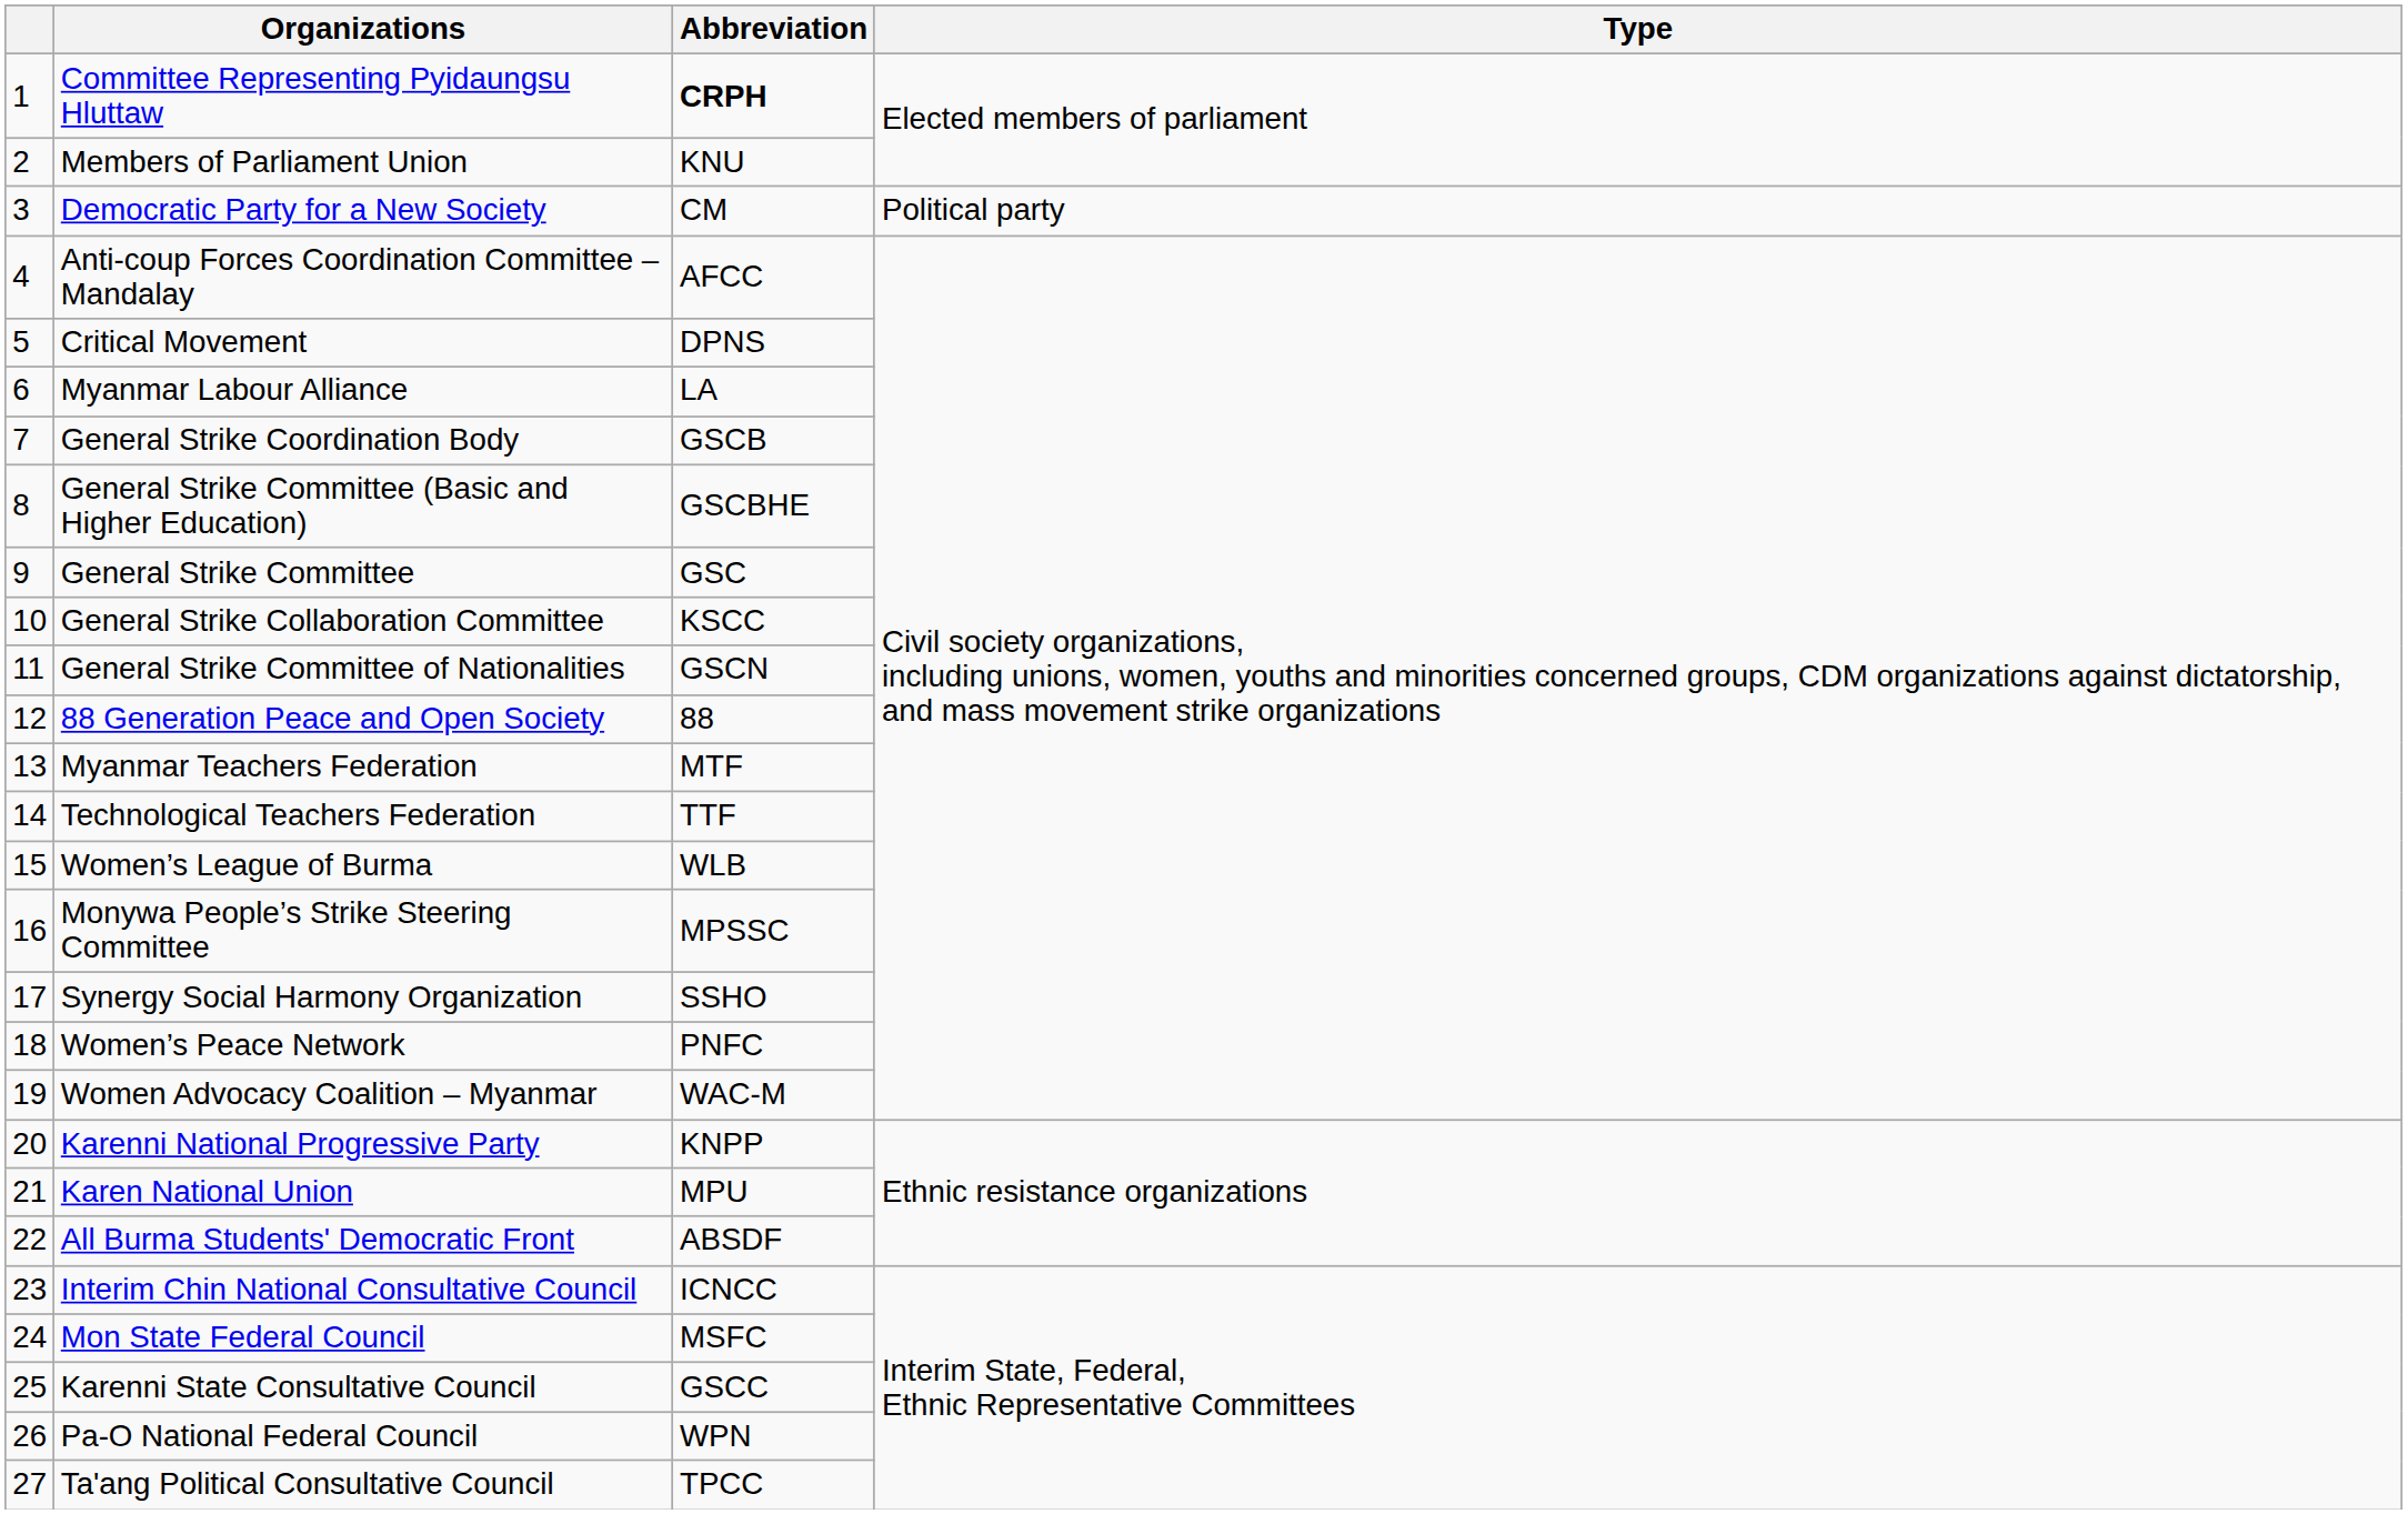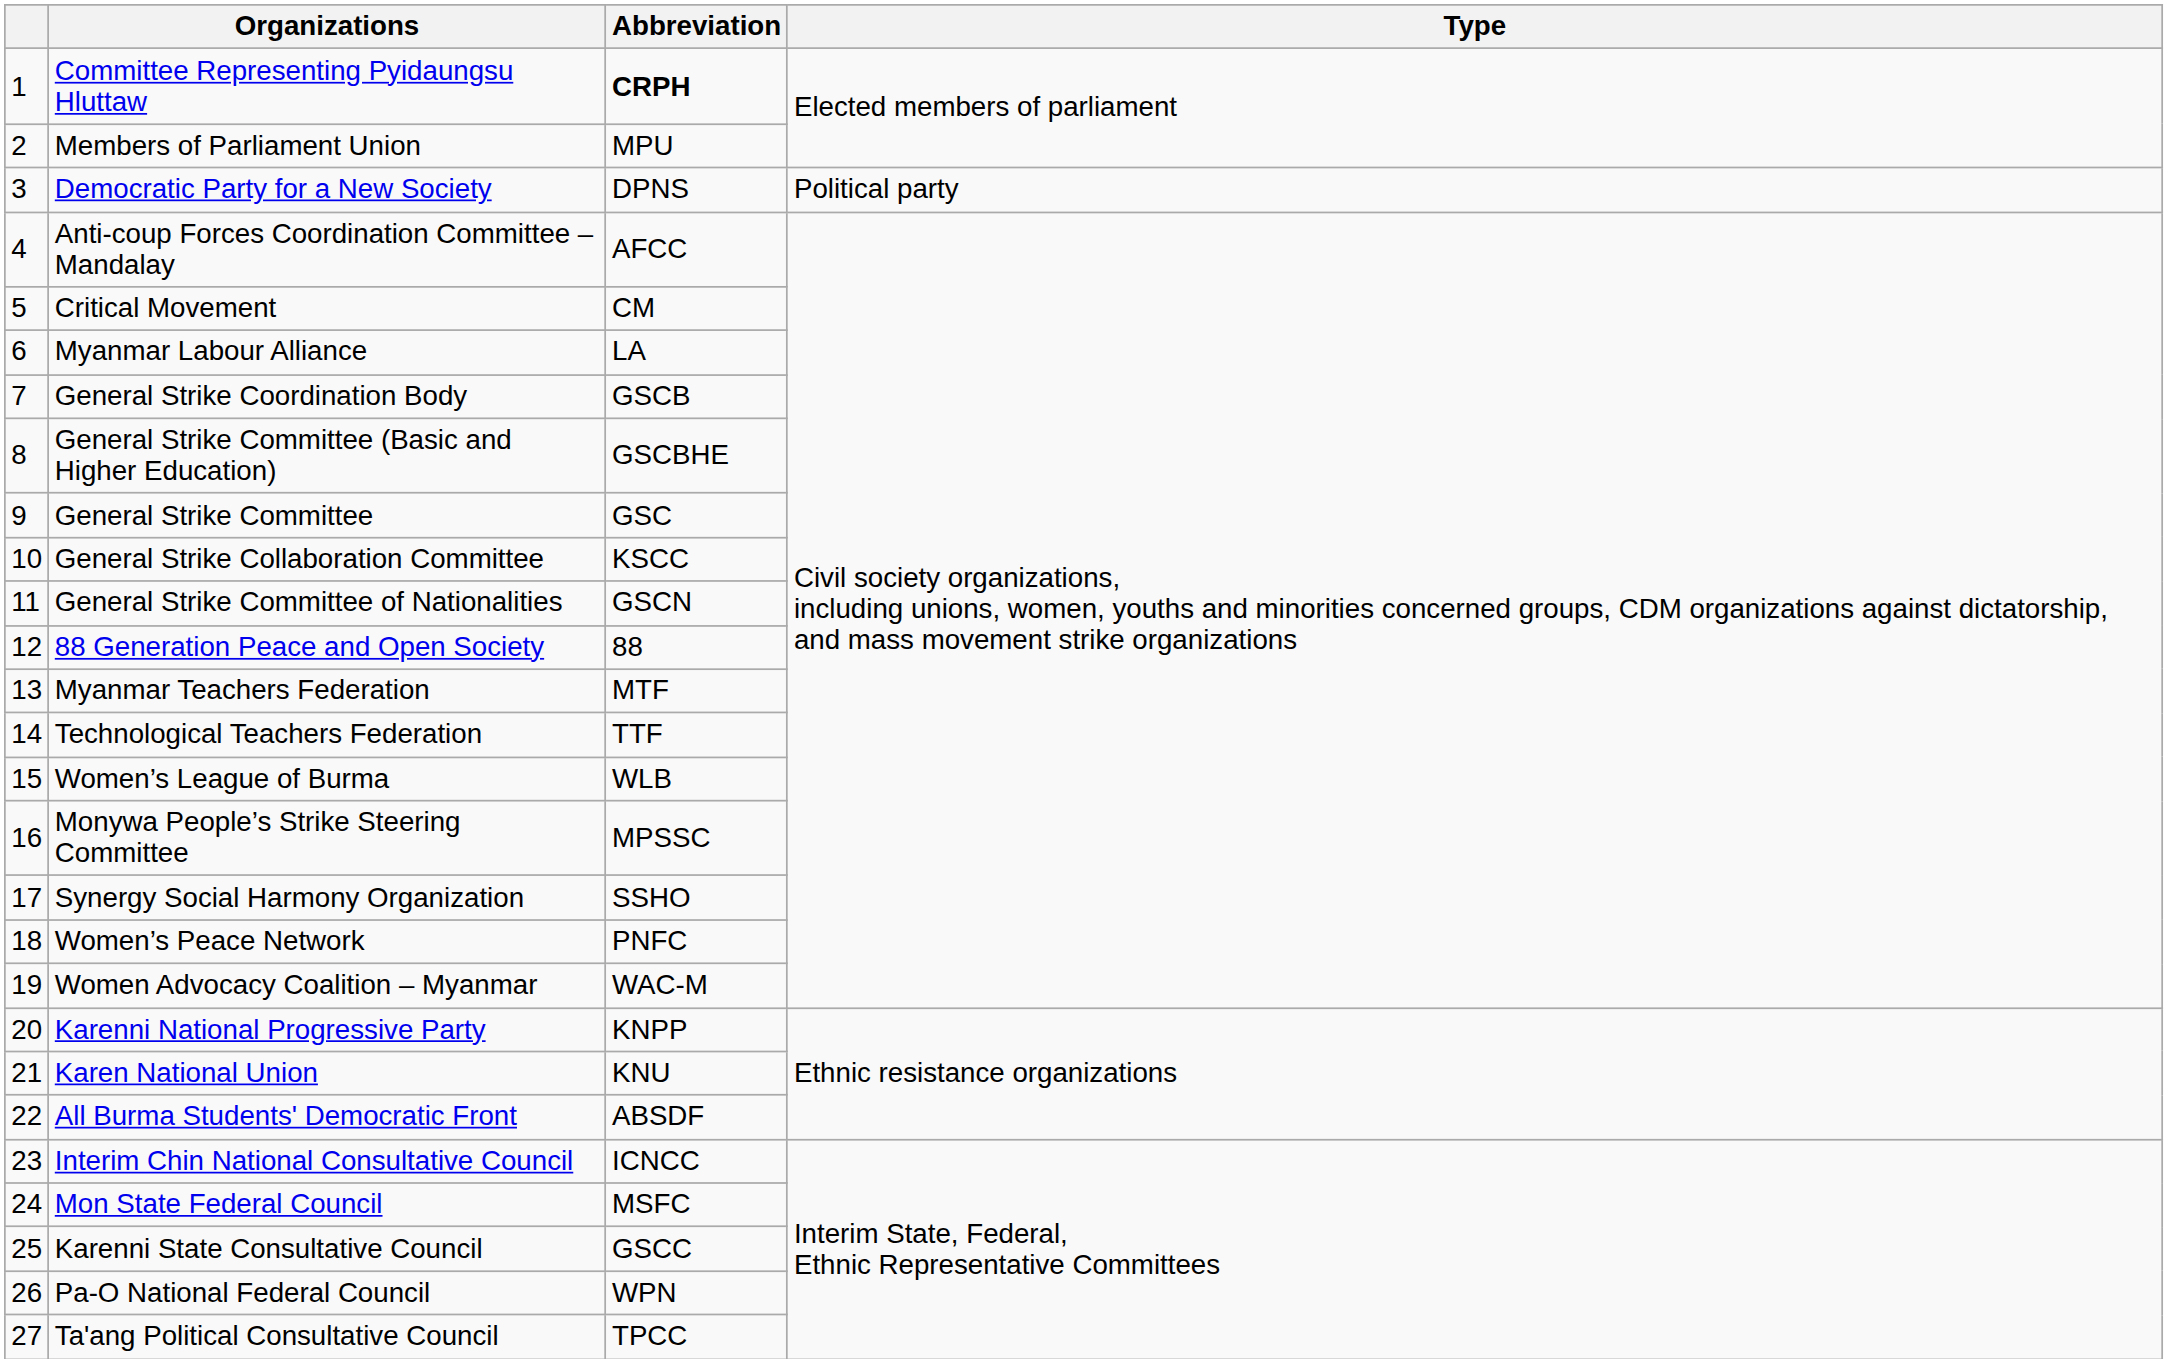 <table class="wikitable">
 <tr>
 <th></th>
 <th>Organizations</th>
 <th>Abbreviation</th>
 <th>Type</th>
 </tr>
 <tr>
 <td>1</td>
 <td><a href='#'>Committee Representing Pyidaungsu Hluttaw</a></td>
 <td><strong>CRPH</strong></td>
 <td rowspan="2">Elected members of parliament</td>
 </tr>
 <tr>
 <td>2</td>
 <td>Members of Parliament Union</td>
-<td>KNU</td>
+<td>MPU</td>
 </tr>
 <tr>
 <td>3</td>
 <td><a href='#'>Democratic Party for a New Society</a></td>
-<td>CM</td>
+<td>DPNS</td>
 <td>Political party</td>
 </tr>
 <tr>
 <td>4</td>
 <td>Anti-coup Forces Coordination Committee – Mandalay</td>
 <td>AFCC</td>
 <td rowspan="16">Civil society organizations,<br>including unions, women, youths and minorities concerned groups, CDM organizations against dictatorship, and mass movement strike organizations</td>
 </tr>
 <tr>
 <td>5</td>
 <td>Critical Movement</td>
-<td>DPNS</td>
+<td>CM</td>
 </tr>
 <tr>
 <td>6</td>
 <td>Myanmar Labour Alliance</td>
 <td>LA</td>
 </tr>
 <tr>
 <td>7</td>
 <td>General Strike Coordination Body</td>
 <td>GSCB</td>
 </tr>
 <tr>
 <td>8</td>
 <td>General Strike Committee (Basic and Higher Education)</td>
 <td>GSCBHE</td>
 </tr>
 <tr>
 <td>9</td>
 <td>General Strike Committee</td>
 <td>GSC</td>
 </tr>
 <tr>
 <td>10</td>
 <td>General Strike Collaboration Committee</td>
 <td>KSCC</td>
 </tr>
 <tr>
 <td>11</td>
 <td>General Strike Committee of Nationalities</td>
 <td>GSCN</td>
 </tr>
 <tr>
 <td>12</td>
 <td><a href='#'>88 Generation Peace and Open Society</a></td>
 <td>88</td>
 </tr>
 <tr>
 <td>13</td>
 <td>Myanmar Teachers Federation</td>
 <td>MTF</td>
 </tr>
 <tr>
 <td>14</td>
 <td>Technological Teachers Federation</td>
 <td>TTF</td>
 </tr>
 <tr>
 <td>15</td>
 <td>Women’s League of Burma</td>
 <td>WLB</td>
 </tr>
 <tr>
 <td>16</td>
 <td>Monywa People’s Strike Steering Committee</td>
 <td>MPSSC</td>
 </tr>
 <tr>
 <td>17</td>
 <td>Synergy Social Harmony Organization</td>
 <td>SSHO</td>
 </tr>
 <tr>
 <td>18</td>
 <td>Women’s Peace Network</td>
 <td>PNFC</td>
 </tr>
 <tr>
 <td>19</td>
 <td>Women Advocacy Coalition – Myanmar</td>
 <td>WAC-M</td>
 </tr>
 <tr>
 <td>20</td>
 <td><a href='#'>Karenni National Progressive Party</a></td>
 <td>KNPP</td>
 <td rowspan="3">Ethnic resistance organizations</td>
 </tr>
 <tr>
 <td>21</td>
 <td><a href='#'>Karen National Union</a></td>
-<td>MPU</td>
+<td>KNU</td>
 </tr>
 <tr>
 <td>22</td>
 <td><a href='#'>All Burma Students' Democratic Front</a></td>
 <td>ABSDF</td>
 </tr>
 <tr>
 <td>23</td>
 <td><a href='#'>Interim Chin National Consultative Council</a></td>
 <td>ICNCC</td>
 <td rowspan="5">Interim State, Federal,<br>Ethnic Representative Committees</td>
 </tr>
 <tr>
 <td>24</td>
 <td><a href='#'>Mon State Federal Council</a></td>
 <td>MSFC</td>
 </tr>
 <tr>
 <td>25</td>
 <td>Karenni State Consultative Council</td>
 <td>GSCC</td>
 </tr>
 <tr>
 <td>26</td>
 <td>Pa-O National Federal Council</td>
 <td>WPN</td>
 </tr>
 <tr>
 <td>27</td>
 <td>Ta'ang Political Consultative Council</td>
 <td>TPCC</td>
 </tr>
 </table>
